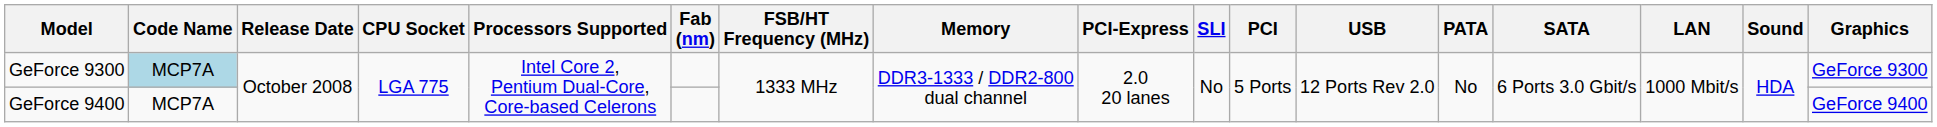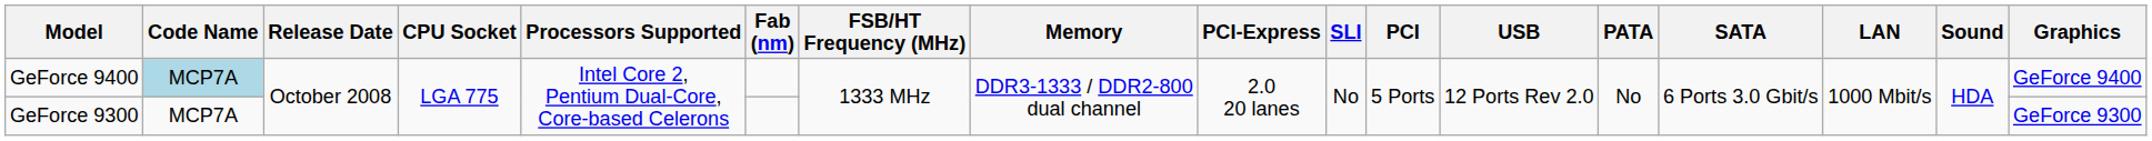 <table class="wikitable" style="font-size: 85%; text-align: center; width: auto;">
 <tr>
 <th>Model</th>
 <th>Code Name</th>
 <th>Release Date</th>
 <th>CPU Socket</th>
 <th>Processors Supported</th>
 <th>Fab<br>(<a href='#'>nm</a>)</th>
 <th>FSB/HT<br>Frequency (MHz)</th>
 <th>Memory</th>
 <th>PCI-Express</th>
 <th><a href='#'>SLI</a></th>
 <th>PCI</th>
 <th>USB</th>
 <th>PATA</th>
 <th>SATA</th>
 <th>LAN</th>
 <th>Sound</th>
 <th>Graphics</th>
 </tr>
 <tr>
-<td>GeForce 9300</td>
+<td>GeForce 9400</td>
 <td style="background: lightblue;">MCP7A</td>
 <td rowspan=2>October 2008</td>
 <td rowspan=2><a href='#'>LGA 775</a></td>
 <td rowspan=2><a href='#'>Intel Core 2</a>,<br><a href='#'>Pentium Dual-Core</a>, <br><a href='#'>Core-based Celerons</a></td>
 <td></td>
 <td rowspan=2>1333 MHz</td>
 <td rowspan=2><a href='#'>DDR3-1333</a> / <a href='#'>DDR2-800</a><br>dual channel</td>
 <td rowspan=2>2.0<br>20 lanes</td>
 <td rowspan=2>No</td>
 <td rowspan=2>5 Ports</td>
 <td rowspan=2>12 Ports Rev 2.0</td>
 <td rowspan=2>No</td>
 <td rowspan=2>6 Ports 3.0 Gbit/s</td>
 <td rowspan=2>1000 Mbit/s</td>
 <td rowspan=2><a href='#'>HDA</a></td>
+<td><a href='#'>GeForce 9400</a></td>
+</tr>
+<tr>
+<td>GeForce 9300</td>
+<td>MCP7A</td>
+<td></td>
 <td><a href='#'>GeForce 9300</a></td>
 </tr>
-<tr>
-<td>GeForce 9400</td>
-<td>MCP7A</td>
-<td></td>
-<td><a href='#'>GeForce 9400</a></td>
-</tr>
 </table>
